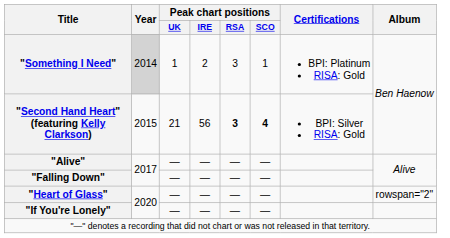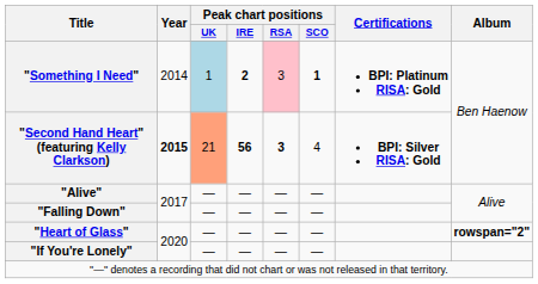 <table class="wikitable plainrowheaders" style="text-align:center;">
 <tr>
 <th scope="col" rowspan="2" style="width:12em;">Title</th>
 <th scope="col" rowspan="2" style="width:1em;">Year</th>
 <th scope="col" colspan="4">Peak chart positions</th>
 <th scope="col" rowspan="2"><a href='#'>Certifications</a></th>
 <th scope="col" rowspan="2">Album</th>
 </tr>
 <tr>
 <th scope="col" style="width:3em;font-size:85%;"><a href='#'>UK</a><br></th>
 <th scope="col" style="width:3em;font-size:85%;"><a href='#'>IRE</a><br></th>
 <th scope="col" style="width:3em;font-size:85%;"><a href='#'>RSA</a><br></th>
 <th scope="col" style="width:3em;font-size:85%;"><a href='#'>SCO</a><br></th>
 </tr>
 <tr>
 <th scope="row">"<a href='#'>Something I Need</a>"</th>
-<td style="background: lightgrey;">2014</td>
-<td>1</td>
-<td>2</td>
-<td>3</td>
-<td>1</td>
-<td><br><ul><li>BPI: Platinum</li><li><a href='#'>RISA</a>: Gold</li></ul></td>
+<td>2014</td>
+<td style="background: lightblue;">1</td>
+<td><strong>2</strong></td>
+<td style="background: pink;">3</td>
+<td><strong>1</strong></td>
+<td><strong><br><ul><li>BPI: Platinum</li><li><a href='#'>RISA</a>: Gold</li></ul></strong></td>
 <td rowspan="2"><em>Ben Haenow</em></td>
 </tr>
 <tr>
 <th scope="row">"<a href='#'>Second Hand Heart</a>"<br><span>(featuring <a href='#'>Kelly Clarkson</a>)</span></th>
-<td>2015</td>
-<td>21</td>
-<td>56</td>
+<td><strong>2015</strong></td>
+<td style="background: lightsalmon;">21</td>
+<td><strong>56</strong></td>
 <td><strong>3</strong></td>
-<td><strong>4</strong></td>
-<td><br><ul><li>BPI: Silver</li><li><a href='#'>RISA</a>: Gold</li></ul></td>
+<td>4</td>
+<td><strong><br><ul><li>BPI: Silver</li><li><a href='#'>RISA</a>: Gold</li></ul></strong></td>
 </tr>
 <tr>
 <th scope="row">"Alive"</th>
 <td rowspan="2">2017</td>
 <td>—</td>
 <td>—</td>
 <td>—</td>
 <td>—</td>
 <td></td>
 <td rowspan="2"><em>Alive</em></td>
 </tr>
 <tr>
 <th scope="row">"Falling Down"</th>
 <td>—</td>
 <td>—</td>
 <td>—</td>
 <td>—</td>
 <td></td>
 </tr>
 <tr>
 <th scope="row">"<a href='#'>Heart of Glass</a>"</th>
 <td rowspan="2">2020</td>
 <td>—</td>
 <td>—</td>
 <td>—</td>
 <td>—</td>
 <td></td>
-<td>rowspan="2" </td>
+<td><strong>rowspan="2" </strong></td>
 </tr>
 <tr>
 <th scope="row">"If You're Lonely"</th>
 <td>—</td>
 <td>—</td>
 <td>—</td>
 <td>—</td>
 <td></td>
 </tr>
 <tr>
 <td colspan="14" style="font-size:85%">"—" denotes a recording that did not chart or was not released in that territory.</td>
 </tr>
 </table>
